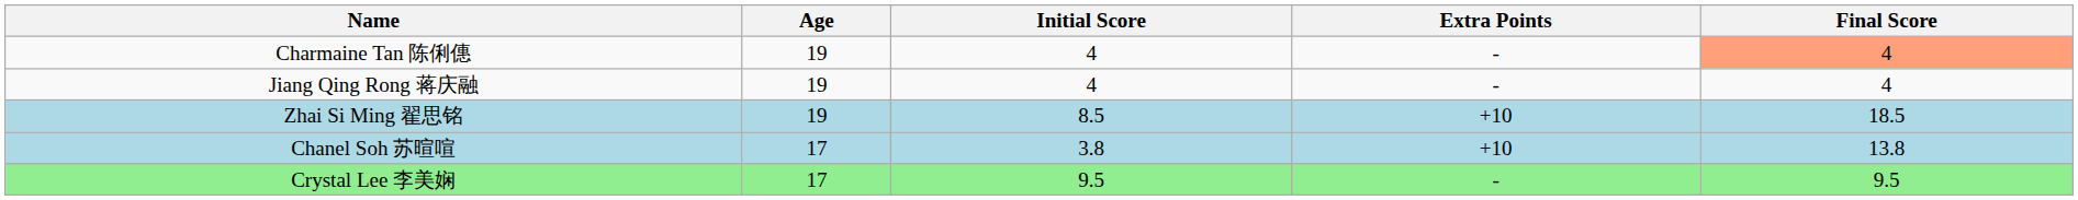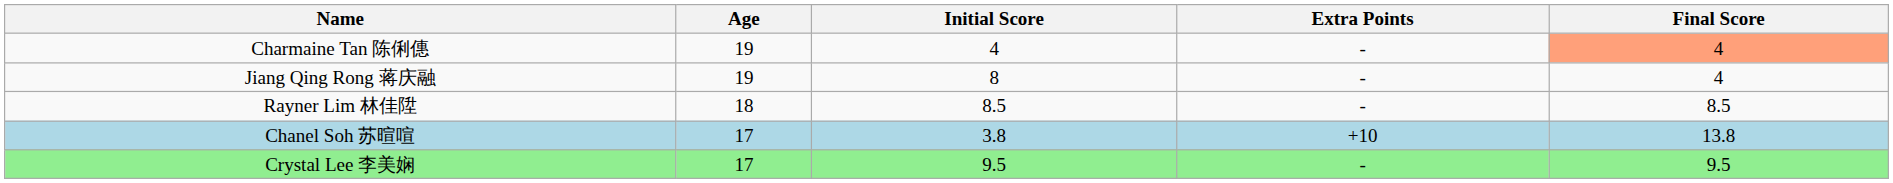 <table class="wikitable" style="text-align:center; line-height:17px; width:100%;">
 <tr>
 <th scope="col">Name</th>
 <th scope="col">Age</th>
 <th scope="col">Initial Score</th>
 <th scope="col">Extra Points</th>
 <th scope="col">Final Score</th>
 </tr>
 <tr>
 <td>Charmaine Tan 陈俐僡</td>
 <td>19</td>
 <td>4</td>
 <td>-</td>
 <td style="background: lightsalmon;">4</td>
 </tr>
 <tr>
 <td>Jiang Qing Rong 蒋庆融</td>
 <td>19</td>
-<td>4</td>
+<td>8</td>
 <td>-</td>
 <td>4</td>
 </tr>
 <tr>
-<td style="background:lightblue;">Zhai Si Ming 翟思铭</td>
-<td style="background:lightblue;">19</td>
-<td style="background:lightblue;">8.5</td>
-<td style="background:lightblue;">+10</td>
-<td style="background:lightblue;">18.5</td>
+<td>Rayner Lim 林佳陞</td>
+<td>18</td>
+<td>8.5</td>
+<td>-</td>
+<td>8.5</td>
 </tr>
 <tr>
 <td style="background:lightblue;">Chanel Soh 苏暄喧</td>
 <td style="background:lightblue;">17</td>
 <td style="background:lightblue;">3.8</td>
 <td style="background:lightblue;">+10</td>
 <td style="background:lightblue;">13.8</td>
 </tr>
 <tr>
 <td style="background:lightgreen;">Crystal Lee 李美娴</td>
 <td style="background:lightgreen;">17</td>
 <td style="background:lightgreen;">9.5</td>
 <td style="background:lightgreen;">-</td>
 <td style="background:lightgreen;">9.5</td>
 </tr>
 </table>
